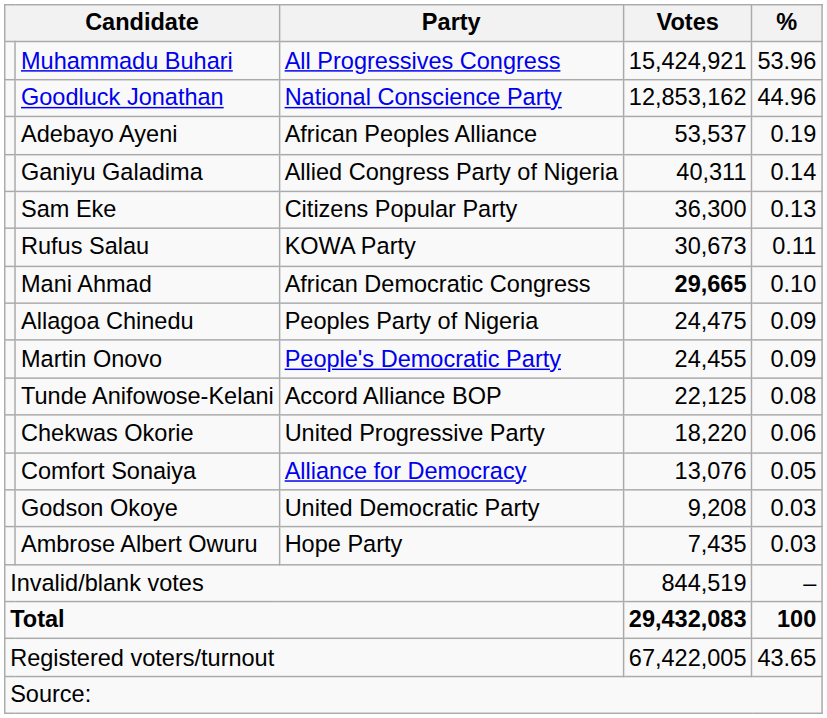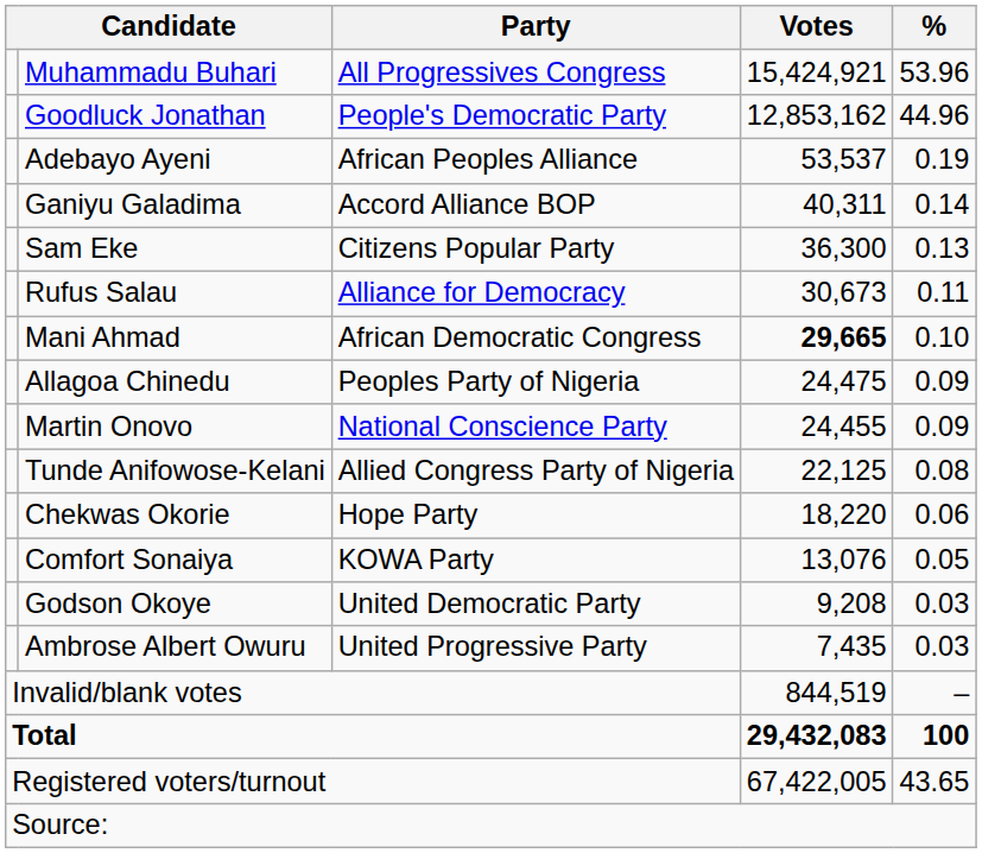 <table class=wikitable style=text-align:right>
 <tr>
 <th colspan=2>Candidate</th>
 <th>Party</th>
 <th>Votes</th>
 <th>%</th>
 </tr>
 <tr>
 <td style="background-color: "></td>
 <td align=left><a href='#'>Muhammadu Buhari</a></td>
 <td align=left><a href='#'>All Progressives Congress</a></td>
 <td>15,424,921</td>
 <td>53.96</td>
 </tr>
 <tr>
 <td style="background-color: "></td>
 <td align=left><a href='#'>Goodluck Jonathan</a></td>
-<td align=left><a href='#'>National Conscience Party</a></td>
+<td align=left><a href='#'>People's Democratic Party</a></td>
 <td>12,853,162</td>
 <td>44.96</td>
 </tr>
 <tr>
 <td></td>
 <td align=left>Adebayo Ayeni</td>
 <td align=left>African Peoples Alliance</td>
 <td>53,537</td>
 <td>0.19</td>
 </tr>
 <tr>
 <td></td>
 <td align=left>Ganiyu Galadima</td>
-<td align=left>Allied Congress Party of Nigeria</td>
+<td align=left>Accord Alliance BOP</td>
 <td>40,311</td>
 <td>0.14</td>
 </tr>
 <tr>
 <td></td>
 <td align=left>Sam Eke</td>
 <td align=left>Citizens Popular Party</td>
 <td>36,300</td>
 <td>0.13</td>
 </tr>
 <tr>
 <td></td>
 <td align=left>Rufus Salau</td>
-<td align=left>KOWA Party</td>
+<td align=left><a href='#'>Alliance for Democracy</a></td>
 <td>30,673</td>
 <td>0.11</td>
 </tr>
 <tr>
 <td></td>
 <td align=left>Mani Ahmad</td>
 <td align=left>African Democratic Congress</td>
 <td><strong>29,665</strong></td>
 <td>0.10</td>
 </tr>
 <tr>
 <td></td>
 <td align=left>Allagoa Chinedu</td>
 <td align=left>Peoples Party of Nigeria</td>
 <td>24,475</td>
 <td>0.09</td>
 </tr>
 <tr>
 <td></td>
 <td align=left>Martin Onovo</td>
-<td align=left><a href='#'>People's Democratic Party</a></td>
+<td align=left><a href='#'>National Conscience Party</a></td>
 <td>24,455</td>
 <td>0.09</td>
 </tr>
 <tr>
 <td></td>
 <td align=left>Tunde Anifowose-Kelani</td>
-<td align=left>Accord Alliance BOP</td>
+<td align=left>Allied Congress Party of Nigeria</td>
 <td>22,125</td>
 <td>0.08</td>
 </tr>
 <tr>
 <td></td>
 <td align=left>Chekwas Okorie</td>
-<td align=left>United Progressive Party</td>
+<td align=left>Hope Party</td>
 <td>18,220</td>
 <td>0.06</td>
 </tr>
 <tr>
 <td></td>
 <td align=left>Comfort Sonaiya</td>
-<td align=left><a href='#'>Alliance for Democracy</a></td>
+<td align=left>KOWA Party</td>
 <td>13,076</td>
 <td>0.05</td>
 </tr>
 <tr>
 <td></td>
 <td align=left>Godson Okoye</td>
 <td align=left>United Democratic Party</td>
 <td>9,208</td>
 <td>0.03</td>
 </tr>
 <tr>
 <td></td>
 <td align=left>Ambrose Albert Owuru</td>
-<td align=left>Hope Party</td>
+<td align=left>United Progressive Party</td>
 <td>7,435</td>
 <td>0.03</td>
 </tr>
 <tr>
 <td align=left colspan=3>Invalid/blank votes</td>
 <td>844,519</td>
 <td>–</td>
 </tr>
 <tr>
 <td align=left colspan=3><strong>Total</strong></td>
 <td><strong>29,432,083</strong></td>
 <td><strong>100</strong></td>
 </tr>
 <tr>
 <td align=left colspan=3>Registered voters/turnout</td>
 <td>67,422,005</td>
 <td>43.65</td>
 </tr>
 <tr>
 <td align=left colspan=5>Source: </td>
 </tr>
 </table>
